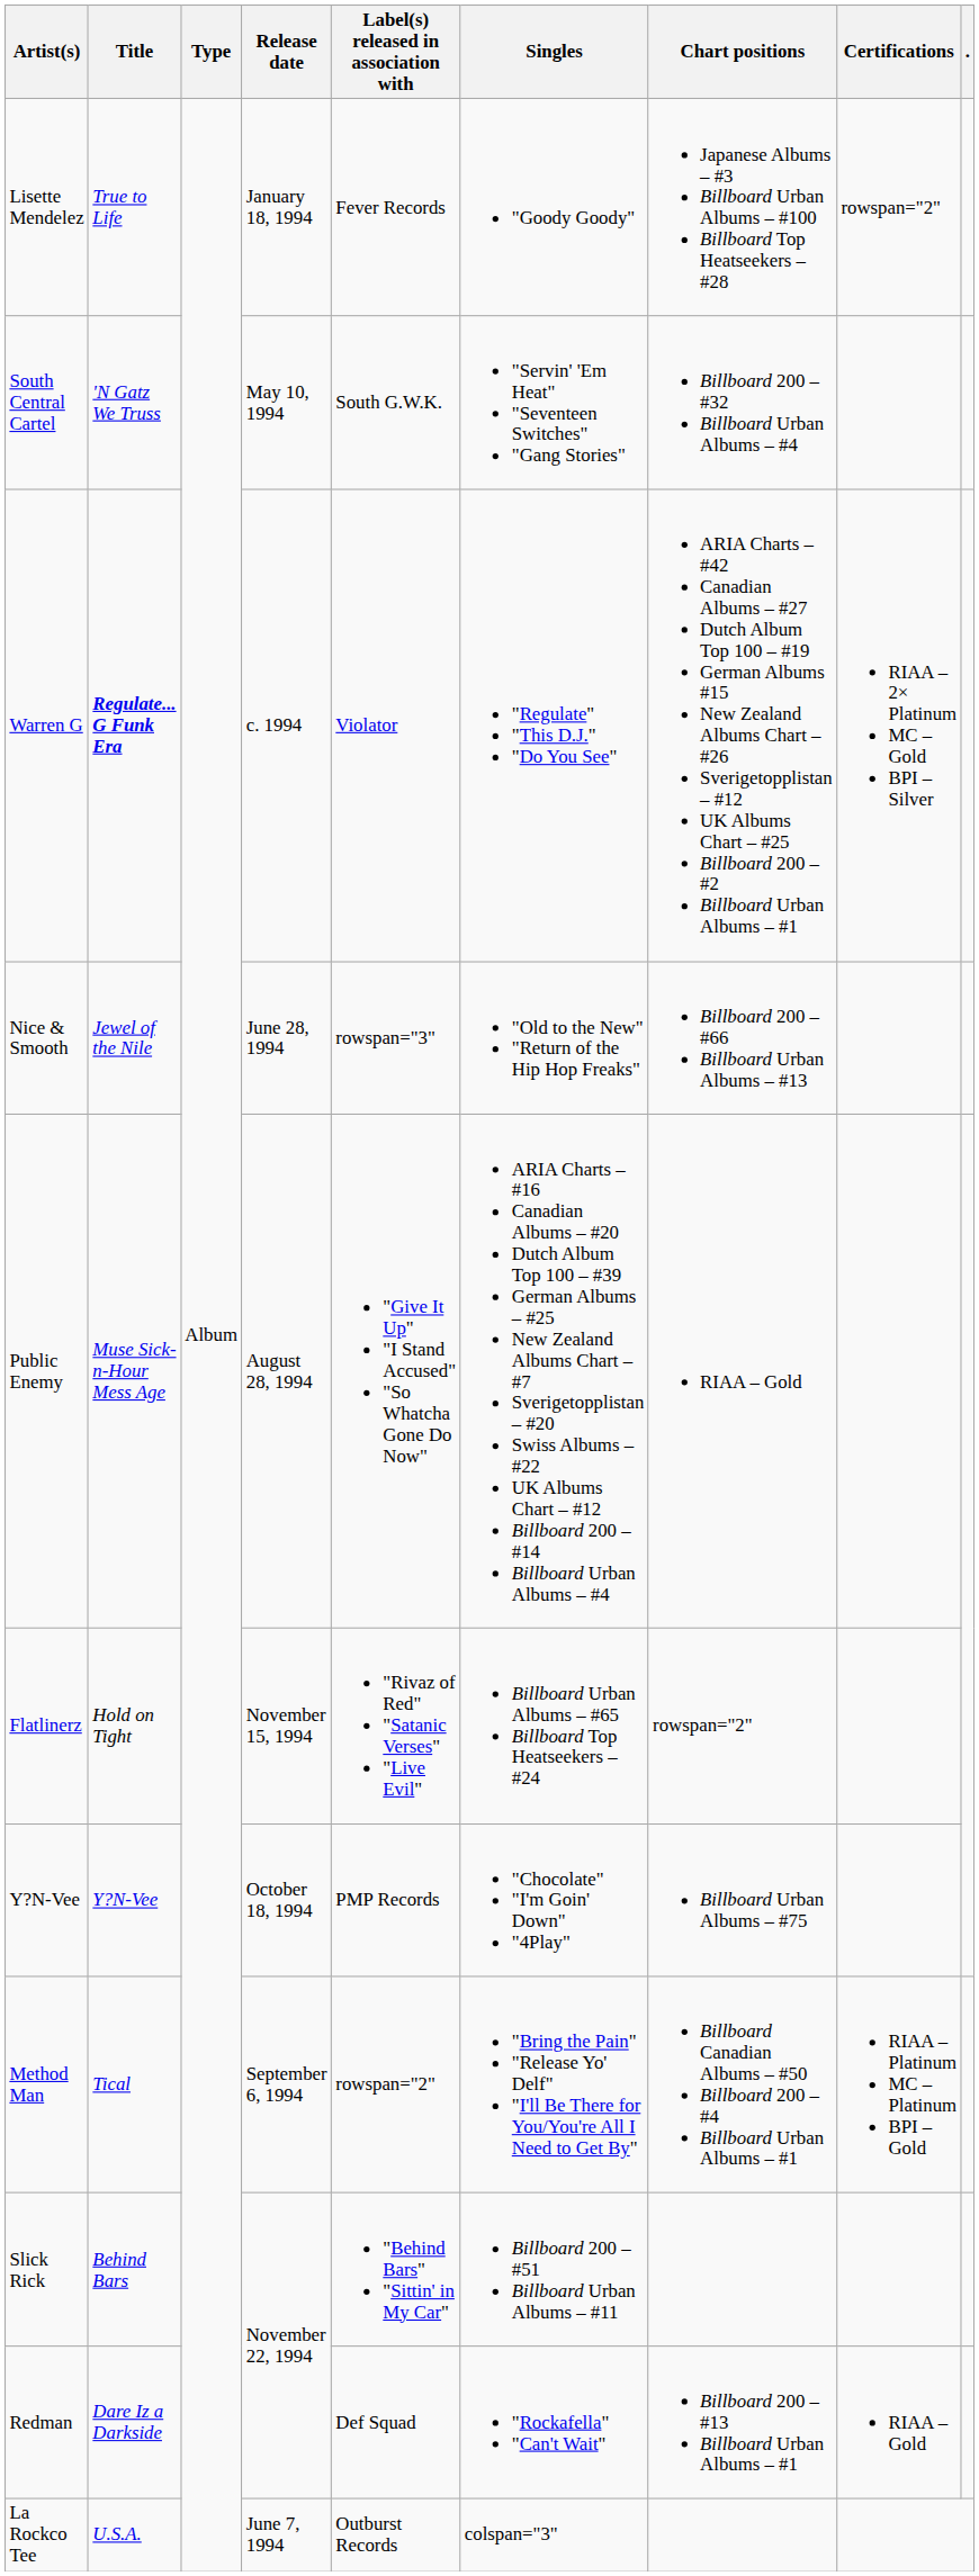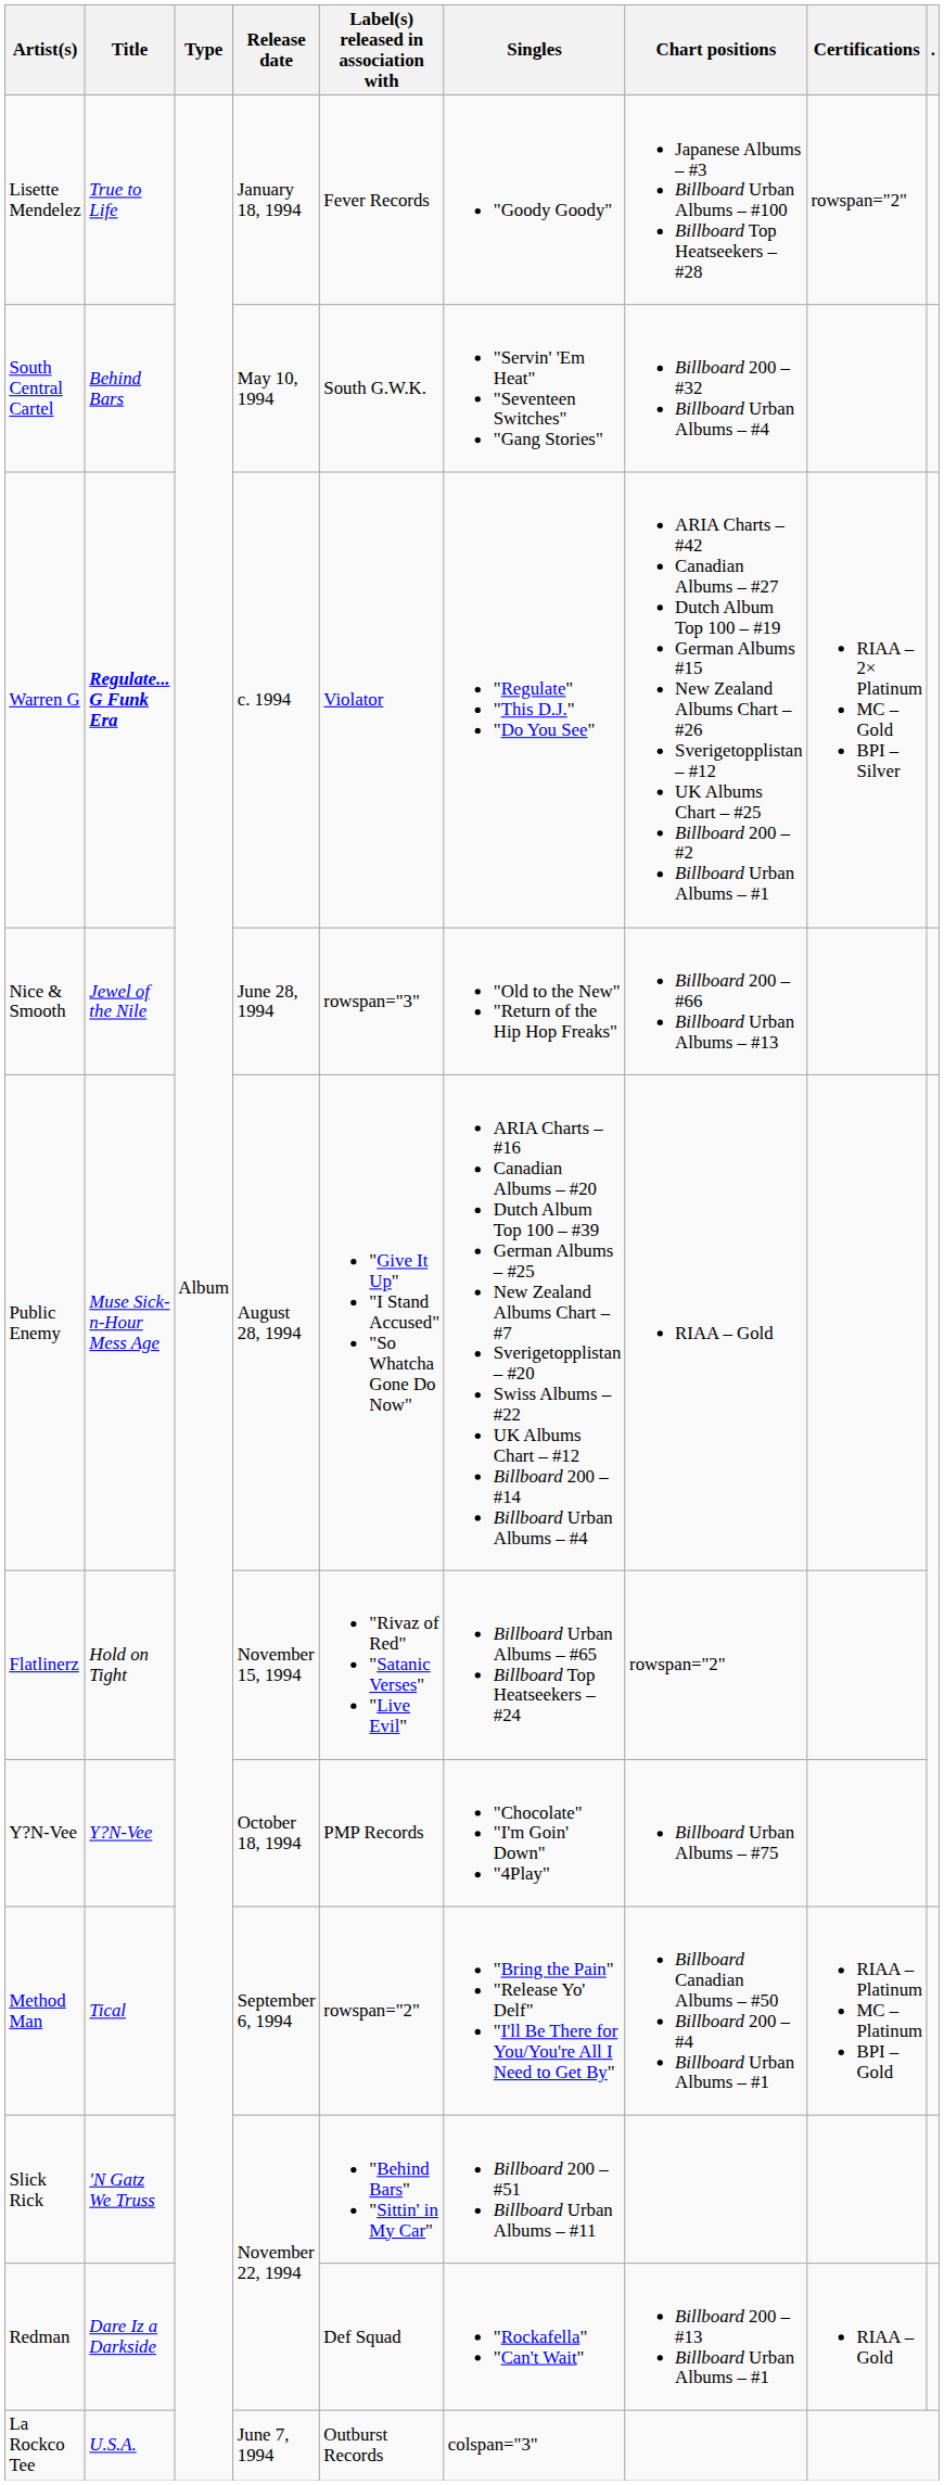 <table class="wikitable">
 <tr>
 <th>Artist(s)</th>
 <th>Title</th>
 <th>Type</th>
 <th>Release date</th>
 <th>Label(s) released in association with</th>
 <th>Singles</th>
 <th>Chart positions</th>
 <th>Certifications</th>
 <th>.</th>
 </tr>
 <tr>
 <td>Lisette Mendelez</td>
 <td><a href='#'><em>True to Life</em></a></td>
 <td rowspan="11">Album</td>
 <td>January 18, 1994</td>
 <td>Fever Records</td>
 <td><br><ul><li>"Goody Goody"</li></ul></td>
 <td><br><ul><li>Japanese Albums – #3</li><li><em>Billboard</em> Urban Albums – #100</li><li><em>Billboard</em> Top Heatseekers – #28</li></ul></td>
 <td>rowspan="2" </td>
 <td></td>
 </tr>
 <tr>
 <td><a href='#'>South Central Cartel</a></td>
-<td><em><a href='#'>'N Gatz We Truss</a></em></td>
+<td><a href='#'><em>Behind Bars</em></a></td>
 <td>May 10, 1994</td>
 <td>South G.W.K.</td>
 <td><br><ul><li>"Servin' 'Em Heat"</li><li>"Seventeen Switches"</li><li>"Gang Stories"</li></ul></td>
 <td><br><ul><li><em>Billboard</em> 200 – #32</li><li><em>Billboard</em> Urban Albums – #4</li></ul></td>
 <td></td>
 </tr>
 <tr>
 <td><a href='#'>Warren G</a></td>
 <td><strong><em><a href='#'>Regulate... G Funk Era</a></em></strong></td>
 <td>c. 1994</td>
 <td><a href='#'>Violator</a></td>
 <td><br><ul><li>"<a href='#'>Regulate</a>"</li><li>"<a href='#'>This D.J.</a>"</li><li>"<a href='#'>Do You See</a>"</li></ul></td>
 <td><br><ul><li>ARIA Charts – #42</li><li>Canadian Albums – #27</li><li>Dutch Album Top 100 – #19</li><li>German Albums  #15</li><li>New Zealand Albums Chart – #26</li><li>Sverigetopplistan – #12</li><li>UK Albums Chart – #25</li><li><em>Billboard</em> 200 – #2</li><li><em>Billboard</em> Urban Albums – #1</li></ul></td>
 <td><br><ul><li>RIAA – 2× Platinum</li><li>MC – Gold</li><li>BPI – Silver</li></ul></td>
 <td></td>
 </tr>
 <tr>
 <td>Nice & Smooth</td>
 <td><em><a href='#'>Jewel of the Nile</a></em></td>
 <td>June 28, 1994</td>
 <td>rowspan="3" </td>
 <td><br><ul><li>"Old to the New"</li><li>"Return of the Hip Hop Freaks"</li></ul></td>
 <td><br><ul><li><em>Billboard</em> 200 – #66</li><li><em>Billboard</em> Urban Albums – #13</li></ul></td>
 <td></td>
 <td></td>
 </tr>
 <tr>
 <td>Public Enemy</td>
 <td><em><a href='#'>Muse Sick-n-Hour Mess Age</a></em></td>
 <td>August 28, 1994</td>
 <td><br><ul><li>"<a href='#'>Give It Up</a>"</li><li>"I Stand Accused"</li><li>"So Whatcha Gone Do Now"</li></ul></td>
 <td><br><ul><li>ARIA Charts – #16</li><li>Canadian Albums – #20</li><li>Dutch Album Top 100 – #39</li><li>German Albums – #25</li><li>New Zealand Albums Chart – #7</li><li>Sverigetopplistan – #20</li><li>Swiss Albums – #22</li><li>UK Albums Chart – #12</li><li><em>Billboard</em> 200 – #14</li><li><em>Billboard</em> Urban Albums – #4</li></ul></td>
 <td><br><ul><li>RIAA – Gold</li></ul></td>
 <td></td>
 </tr>
 <tr>
 <td><a href='#'>Flatlinerz</a></td>
 <td><em>Hold on Tight</em></td>
 <td>November 15, 1994</td>
 <td><br><ul><li>"Rivaz of Red"</li><li>"<a href='#'>Satanic Verses</a>"</li><li>"<a href='#'>Live Evil</a>"</li></ul></td>
 <td><br><ul><li><em>Billboard</em> Urban Albums – #65</li><li><em>Billboard</em> Top Heatseekers – #24</li></ul></td>
 <td>rowspan="2" </td>
 <td></td>
 </tr>
 <tr>
 <td>Y?N-Vee</td>
 <td><em><a href='#'>Y?N-Vee</a></em></td>
 <td>October 18, 1994</td>
 <td>PMP Records</td>
 <td><br><ul><li>"Chocolate"</li><li>"I'm Goin' Down"</li><li>"4Play"</li></ul></td>
 <td><br><ul><li><em>Billboard</em> Urban Albums – #75</li></ul></td>
 <td></td>
 </tr>
 <tr>
 <td><a href='#'>Method Man</a></td>
 <td><a href='#'><em>Tical</em></a></td>
 <td>September 6, 1994</td>
 <td>rowspan="2" </td>
 <td><br><ul><li>"<a href='#'>Bring the Pain</a>"</li><li>"Release Yo' Delf"</li><li>"<a href='#'>I'll Be There for You/You're All I Need to Get By</a>"</li></ul></td>
 <td><br><ul><li><em>Billboard</em> Canadian Albums – #50</li><li><em>Billboard</em> 200 – #4</li><li><em>Billboard</em> Urban Albums – #1</li></ul></td>
 <td><br><ul><li>RIAA – Platinum</li><li>MC – Platinum</li><li>BPI – Gold</li></ul></td>
 <td></td>
 </tr>
 <tr>
 <td>Slick Rick</td>
-<td><a href='#'><em>Behind Bars</em></a></td>
+<td><em><a href='#'>'N Gatz We Truss</a></em></td>
 <td rowspan="2">November 22, 1994</td>
 <td><br><ul><li>"<a href='#'>Behind Bars</a>"</li><li>"<a href='#'>Sittin' in My Car</a>"</li></ul></td>
 <td><br><ul><li><em>Billboard</em> 200 – #51</li><li><em>Billboard</em> Urban Albums – #11</li></ul></td>
 <td></td>
 <td></td>
 </tr>
 <tr>
 <td>Redman</td>
 <td><em><a href='#'>Dare Iz a Darkside</a></em></td>
 <td>Def Squad</td>
 <td><br><ul><li>"<a href='#'>Rockafella</a>"</li><li>"<a href='#'>Can't Wait</a>"</li></ul></td>
 <td><br><ul><li><em>Billboard</em> 200 – #13</li><li><em>Billboard</em> Urban Albums – #1</li></ul></td>
 <td><br><ul><li>RIAA – Gold</li></ul></td>
 <td></td>
 </tr>
 <tr>
 <td>La Rockco Tee</td>
 <td><a href='#'><em>U.S.A.</em></a></td>
 <td>June 7, 1994</td>
 <td>Outburst Records</td>
 <td>colspan="3" </td>
 <td></td>
 </tr>
 </table>
